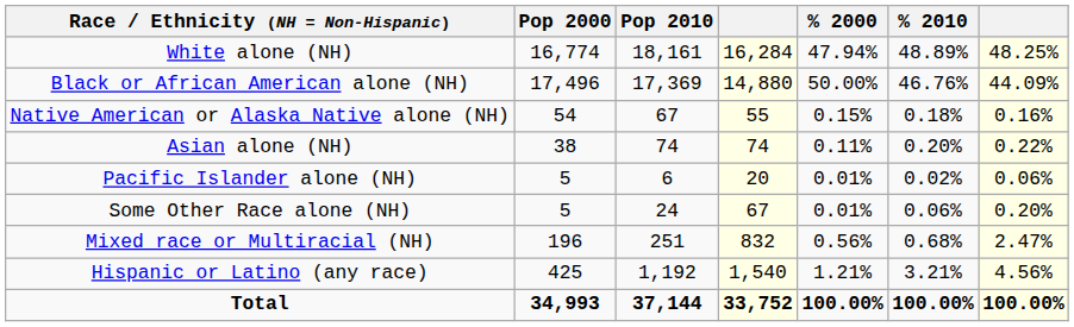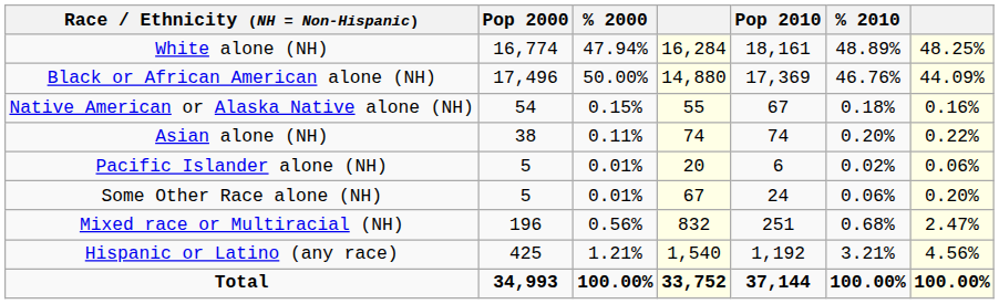 <table class="wikitable" style="text-align:center;">
 <tr>
 <th>Race / Ethnicity <small>(<em>NH = Non-Hispanic</em>)</small></th>
 <th>Pop 2000</th>
+<th>% 2000</th>
+<th></th>
 <th>Pop 2010</th>
-<th></th>
-<th>% 2000</th>
 <th>% 2010</th>
 <th></th>
 </tr>
 <tr>
 <td><a href='#'>White</a> alone (NH)</td>
 <td>16,774</td>
+<td>47.94%</td>
+<td style='background: #ffffe6;'>16,284</td>
 <td>18,161</td>
-<td style='background: #ffffe6;'>16,284</td>
-<td>47.94%</td>
 <td>48.89%</td>
 <td style='background: #ffffe6;'>48.25%</td>
 </tr>
 <tr>
 <td><a href='#'>Black or African American</a> alone (NH)</td>
 <td>17,496</td>
+<td>50.00%</td>
+<td style='background: #ffffe6;'>14,880</td>
 <td>17,369</td>
-<td style='background: #ffffe6;'>14,880</td>
-<td>50.00%</td>
 <td>46.76%</td>
 <td style='background: #ffffe6;'>44.09%</td>
 </tr>
 <tr>
 <td><a href='#'>Native American</a> or <a href='#'>Alaska Native</a> alone (NH)</td>
 <td>54</td>
+<td>0.15%</td>
+<td style='background: #ffffe6;'>55</td>
 <td>67</td>
-<td style='background: #ffffe6;'>55</td>
-<td>0.15%</td>
 <td>0.18%</td>
 <td style='background: #ffffe6;'>0.16%</td>
 </tr>
 <tr>
 <td><a href='#'>Asian</a> alone (NH)</td>
 <td>38</td>
+<td>0.11%</td>
+<td style='background: #ffffe6;'>74</td>
 <td>74</td>
-<td style='background: #ffffe6;'>74</td>
-<td>0.11%</td>
 <td>0.20%</td>
 <td style='background: #ffffe6;'>0.22%</td>
 </tr>
 <tr>
 <td><a href='#'>Pacific Islander</a> alone (NH)</td>
 <td>5</td>
+<td>0.01%</td>
+<td style='background: #ffffe6;'>20</td>
 <td>6</td>
-<td style='background: #ffffe6;'>20</td>
-<td>0.01%</td>
 <td>0.02%</td>
 <td style='background: #ffffe6;'>0.06%</td>
 </tr>
 <tr>
 <td>Some Other Race alone (NH)</td>
 <td>5</td>
+<td>0.01%</td>
+<td style='background: #ffffe6;'>67</td>
 <td>24</td>
-<td style='background: #ffffe6;'>67</td>
-<td>0.01%</td>
 <td>0.06%</td>
 <td style='background: #ffffe6;'>0.20%</td>
 </tr>
 <tr>
 <td><a href='#'>Mixed race or Multiracial</a> (NH)</td>
 <td>196</td>
+<td>0.56%</td>
+<td style='background: #ffffe6;'>832</td>
 <td>251</td>
-<td style='background: #ffffe6;'>832</td>
-<td>0.56%</td>
 <td>0.68%</td>
 <td style='background: #ffffe6;'>2.47%</td>
 </tr>
 <tr>
 <td><a href='#'>Hispanic or Latino</a> (any race)</td>
 <td>425</td>
+<td>1.21%</td>
+<td style='background: #ffffe6;'>1,540</td>
 <td>1,192</td>
-<td style='background: #ffffe6;'>1,540</td>
-<td>1.21%</td>
 <td>3.21%</td>
 <td style='background: #ffffe6;'>4.56%</td>
 </tr>
 <tr>
 <td><strong>Total</strong></td>
 <td><strong>34,993</strong></td>
+<td><strong>100.00%</strong></td>
+<td style='background: #ffffe6;'><strong>33,752</strong></td>
 <td><strong>37,144</strong></td>
-<td style='background: #ffffe6;'><strong>33,752</strong></td>
-<td><strong>100.00%</strong></td>
 <td><strong>100.00%</strong></td>
 <td style='background: #ffffe6;'><strong>100.00%</strong></td>
 </tr>
 </table>
